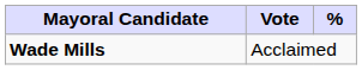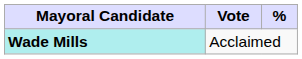 <table class="wikitable">
 <tr>
 <th style="background:#ddf; width:200px;">Mayoral Candidate</th>
 <th style="background:#ddf; width:50px;">Vote</th>
 <th style="background:#ddf; width:30px;">%</th>
 </tr>
 <tr>
-<td><strong>Wade Mills</strong></td>
+<td style="background: paleturquoise;"><strong>Wade Mills</strong></td>
 <td colspan="2">Acclaimed</td>
 </tr>
 </table>
